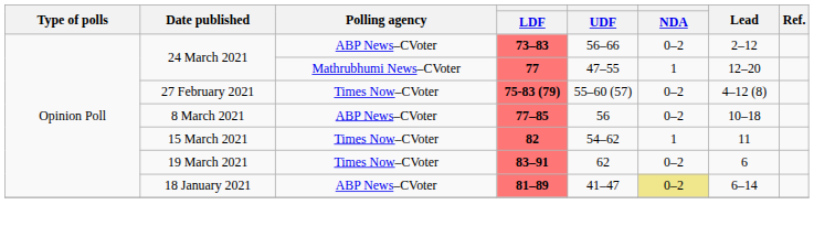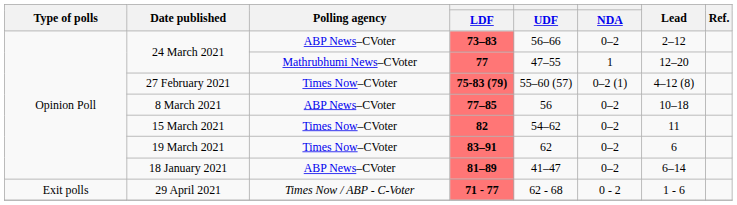 <table class="wikitable" style="text-align:center; font-size:95%; line-height:20px">
 <tr>
 <th rowspan="2" width="150px">Type of polls</th>
 <th rowspan="2" width="150px">Date published</th>
 <th rowspan="2" width="250px">Polling agency</th>
 <th style="background:"></th>
 <th style="background:"></th>
 <th style="background:"></th>
 <th rowspan="2" width="75px">Lead</th>
 <th rowspan="2">Ref.</th>
 </tr>
 <tr>
 <th style="width:75px;"><a href='#'>LDF</a></th>
 <th style="width:75px;"><a href='#'>UDF</a></th>
 <th style="width:75px;"><a href='#'>NDA</a></th>
 </tr>
 <tr>
 <td rowspan="7">Opinion Poll</td>
 <td rowspan="2">24 March 2021</td>
 <td><a href='#'>ABP News</a>–CVoter</td>
 <td style="background:#FF7676;"><strong>73–83</strong></td>
 <td>56–66</td>
 <td>0–2</td>
 <td style="background:">2–12</td>
 <td></td>
 </tr>
 <tr>
 <td><a href='#'>Mathrubhumi News</a>–CVoter</td>
 <td style="background:#FF7676;"><strong>77</strong></td>
 <td>47–55</td>
 <td>1</td>
 <td style="background:">12–20</td>
 <td></td>
 </tr>
 <tr>
 <td>27 February 2021</td>
 <td><a href='#'>Times Now</a>–CVoter</td>
 <td style="background:#FF7676;"><strong>75-83 (79)</strong></td>
 <td>55–60 (57)</td>
-<td>0–2</td>
+<td>0–2 (1)</td>
 <td style="background:">4–12 (8)</td>
 <td></td>
 </tr>
 <tr>
 <td>8 March 2021</td>
 <td><a href='#'>ABP News</a>–CVoter</td>
 <td style="background:#FF7676;"><strong>77–85</strong></td>
 <td>56</td>
 <td>0–2</td>
 <td style="background:">10–18</td>
 <td></td>
 </tr>
 <tr>
 <td rowspan="1">15 March 2021</td>
 <td><a href='#'>Times Now</a>–CVoter</td>
 <td style="background:#FF7676;"><strong>82</strong></td>
 <td>54–62</td>
-<td>1</td>
+<td>0–2</td>
 <td style="background:">11</td>
 <td></td>
 </tr>
 <tr>
 <td>19 March 2021</td>
 <td><a href='#'>Times Now</a>–CVoter</td>
 <td style="background:#FF7676;"><strong>83–91</strong></td>
 <td>62</td>
 <td>0–2</td>
 <td style="background:">6</td>
 <td></td>
 </tr>
 <tr>
 <td>18 January 2021</td>
 <td><a href='#'>ABP News</a>–CVoter</td>
 <td style="background:#FF7676;"><strong>81–89</strong></td>
 <td>41–47</td>
-<td style="background: khaki;">0–2</td>
+<td>0–2</td>
 <td style="background:">6–14</td>
+<td></td>
+</tr>
+<tr>
+<td>Exit polls</td>
+<td>29 April 2021</td>
+<td><em>Times Now / ABP - C-Voter</em></td>
+<td style="background:#FF7676;"><strong>71 - 77</strong></td>
+<td>62 - 68</td>
+<td>0 - 2</td>
+<td style="background:">1 - 6</td>
 <td></td>
 </tr>
 <tr>
 </tr>
 </table>
